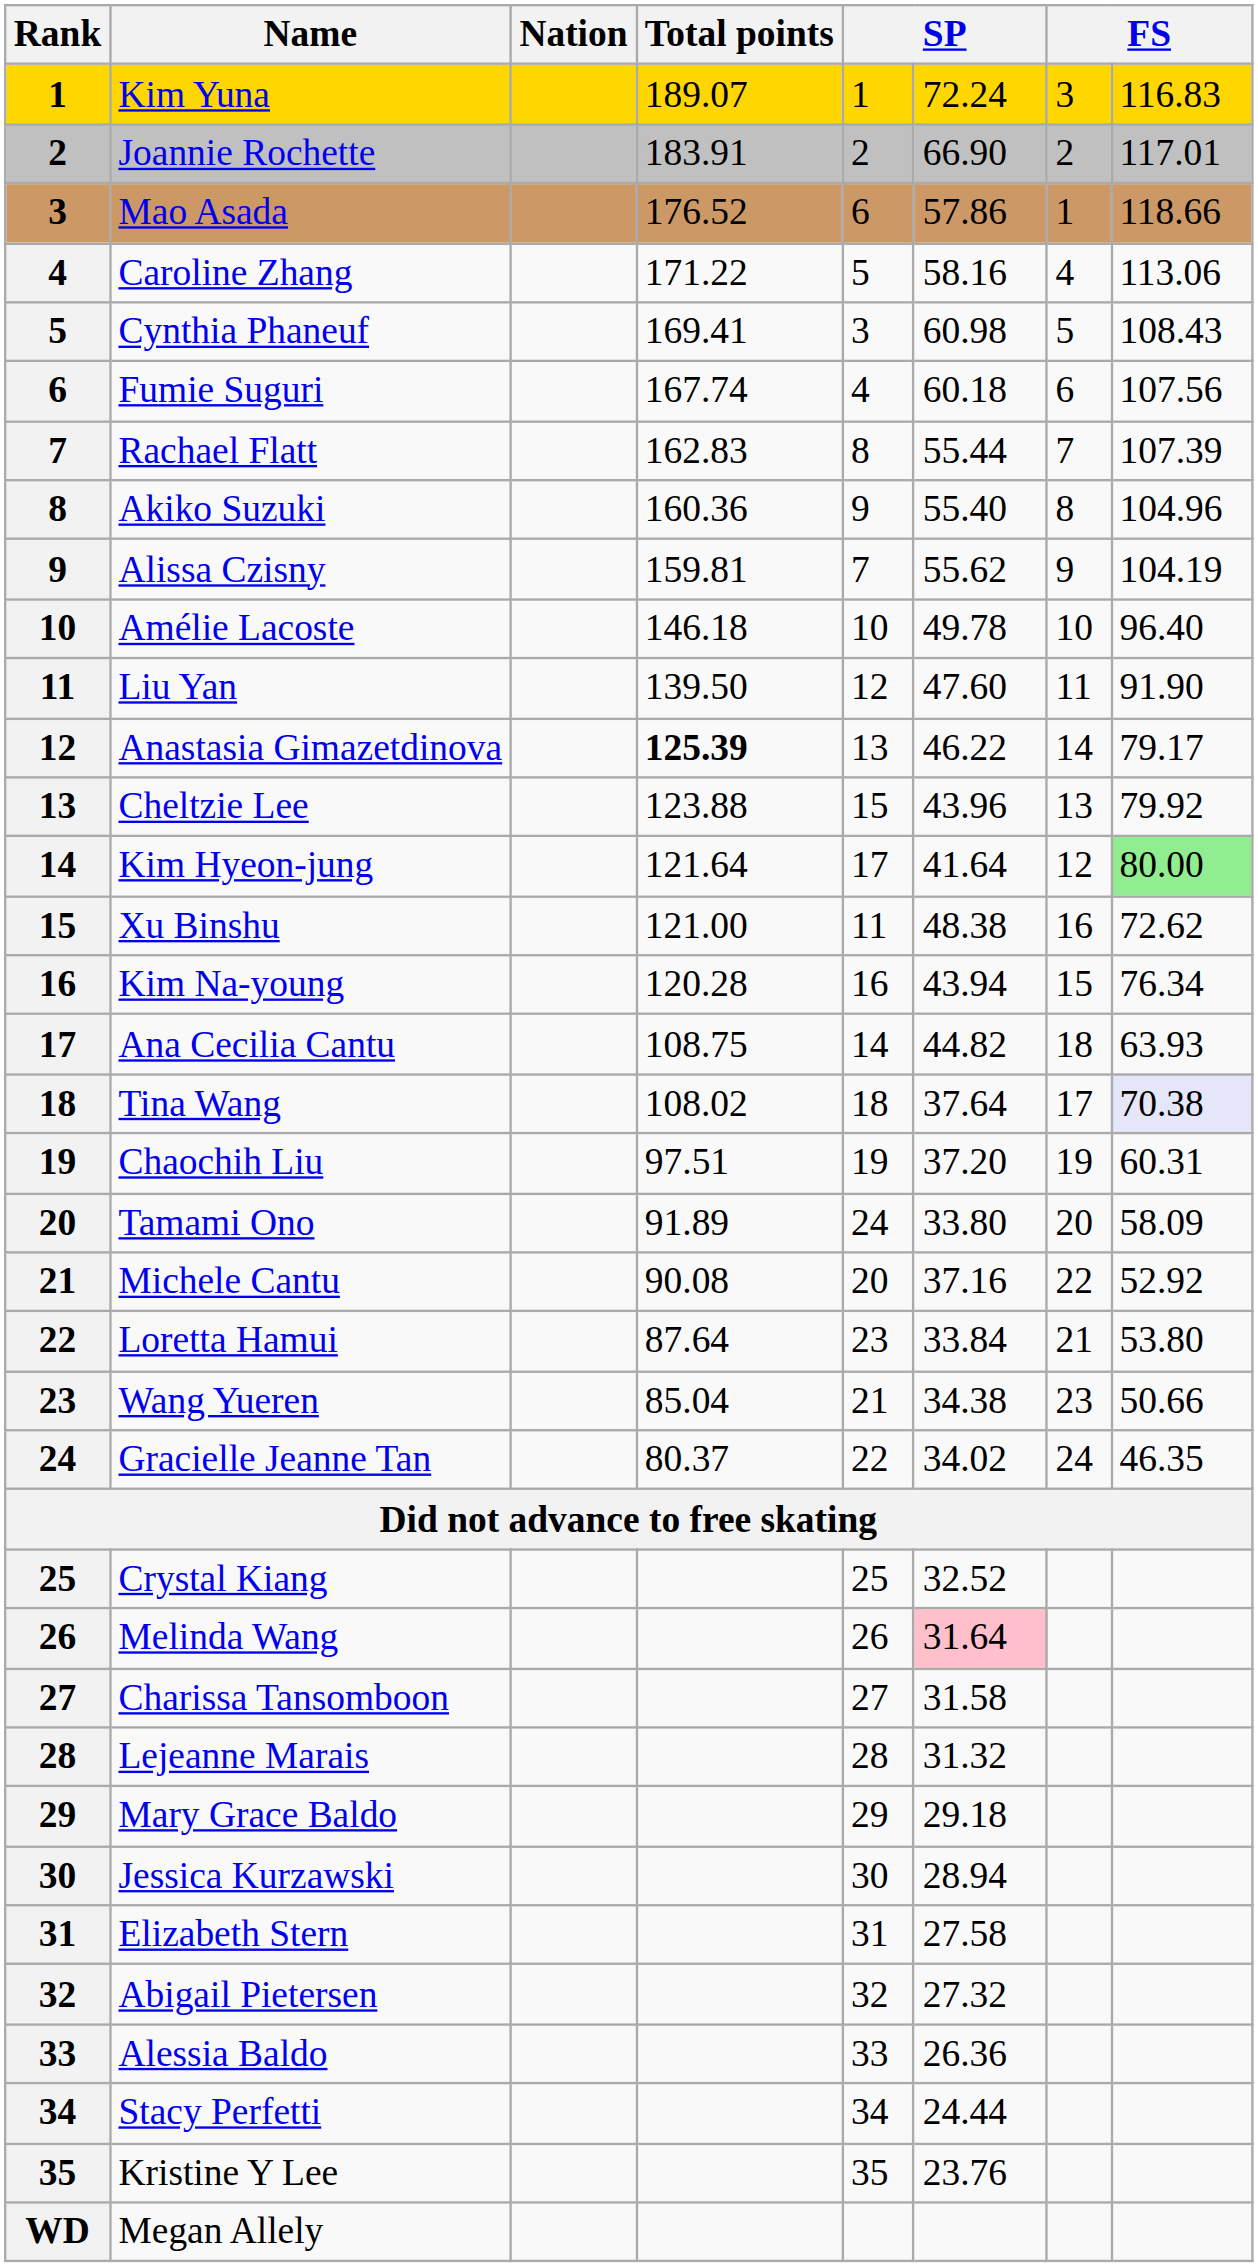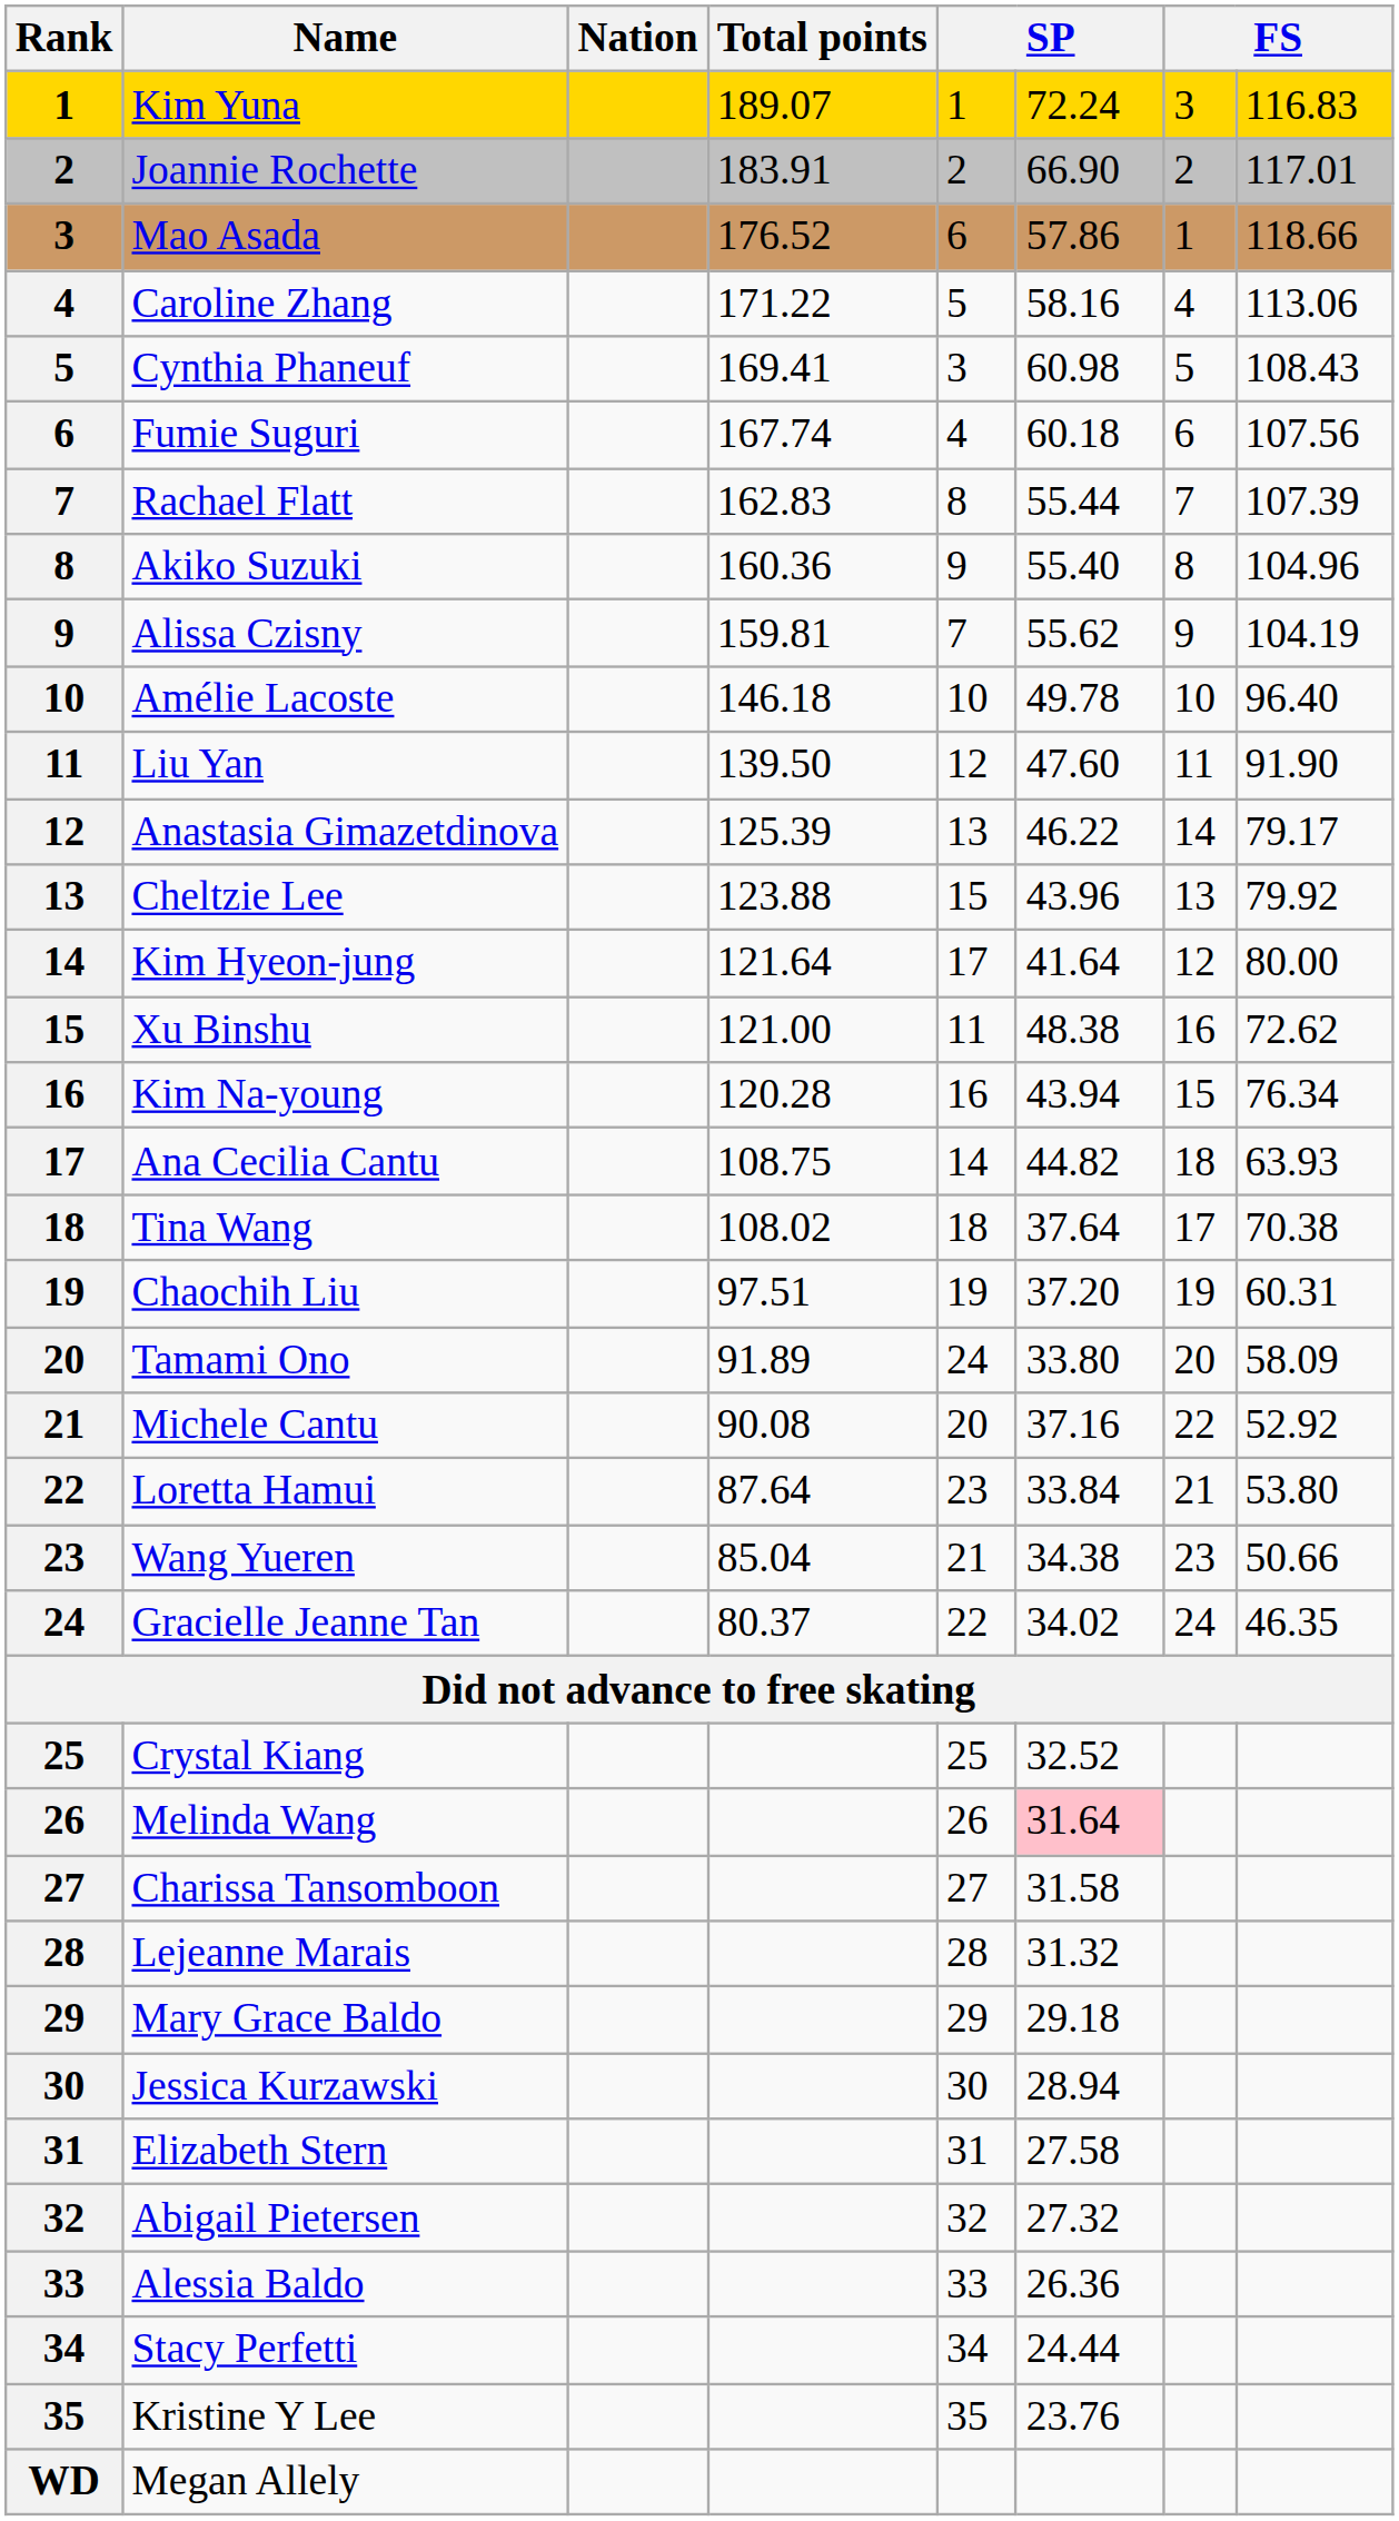 <table class="wikitable">
 <tr>
 <th>Rank</th>
 <th>Name</th>
 <th>Nation</th>
 <th>Total points</th>
 <th colspan="2" width="80px"><a href='#'>SP</a></th>
 <th colspan="2" width="80px"><a href='#'>FS</a></th>
 </tr>
 <tr bgcolor="gold">
 <td align="center"><strong>1</strong></td>
 <td><a href='#'>Kim Yuna</a></td>
 <td></td>
 <td>189.07</td>
 <td>1</td>
 <td>72.24</td>
 <td>3</td>
 <td>116.83</td>
 </tr>
 <tr bgcolor="silver">
 <td align="center"><strong>2</strong></td>
 <td><a href='#'>Joannie Rochette</a></td>
 <td></td>
 <td>183.91</td>
 <td>2</td>
 <td>66.90</td>
 <td>2</td>
 <td>117.01</td>
 </tr>
 <tr bgcolor="cc9966">
 <td align="center"><strong>3</strong></td>
 <td><a href='#'>Mao Asada</a></td>
 <td></td>
 <td>176.52</td>
 <td>6</td>
 <td>57.86</td>
 <td>1</td>
 <td>118.66</td>
 </tr>
 <tr>
 <th>4</th>
 <td><a href='#'>Caroline Zhang</a></td>
 <td></td>
 <td>171.22</td>
 <td>5</td>
 <td>58.16</td>
 <td>4</td>
 <td>113.06</td>
 </tr>
 <tr>
 <th>5</th>
 <td><a href='#'>Cynthia Phaneuf</a></td>
 <td></td>
 <td>169.41</td>
 <td>3</td>
 <td>60.98</td>
 <td>5</td>
 <td>108.43</td>
 </tr>
 <tr>
 <th>6</th>
 <td><a href='#'>Fumie Suguri</a></td>
 <td></td>
 <td>167.74</td>
 <td>4</td>
 <td>60.18</td>
 <td>6</td>
 <td>107.56</td>
 </tr>
 <tr>
 <th>7</th>
 <td><a href='#'>Rachael Flatt</a></td>
 <td></td>
 <td>162.83</td>
 <td>8</td>
 <td>55.44</td>
 <td>7</td>
 <td>107.39</td>
 </tr>
 <tr>
 <th>8</th>
 <td><a href='#'>Akiko Suzuki</a></td>
 <td></td>
 <td>160.36</td>
 <td>9</td>
 <td>55.40</td>
 <td>8</td>
 <td>104.96</td>
 </tr>
 <tr>
 <th>9</th>
 <td><a href='#'>Alissa Czisny</a></td>
 <td></td>
 <td>159.81</td>
 <td>7</td>
 <td>55.62</td>
 <td>9</td>
 <td>104.19</td>
 </tr>
 <tr>
 <th>10</th>
 <td><a href='#'>Amélie Lacoste</a></td>
 <td></td>
 <td>146.18</td>
 <td>10</td>
 <td>49.78</td>
 <td>10</td>
 <td>96.40</td>
 </tr>
 <tr>
 <th>11</th>
 <td><a href='#'>Liu Yan</a></td>
 <td></td>
 <td>139.50</td>
 <td>12</td>
 <td>47.60</td>
 <td>11</td>
 <td>91.90</td>
 </tr>
 <tr>
 <th>12</th>
 <td><a href='#'>Anastasia Gimazetdinova</a></td>
 <td></td>
-<td><strong>125.39</strong></td>
+<td>125.39</td>
 <td>13</td>
 <td>46.22</td>
 <td>14</td>
 <td>79.17</td>
 </tr>
 <tr>
 <th>13</th>
 <td><a href='#'>Cheltzie Lee</a></td>
 <td></td>
 <td>123.88</td>
 <td>15</td>
 <td>43.96</td>
 <td>13</td>
 <td>79.92</td>
 </tr>
 <tr>
 <th>14</th>
 <td><a href='#'>Kim Hyeon-jung</a></td>
 <td></td>
 <td>121.64</td>
 <td>17</td>
 <td>41.64</td>
 <td>12</td>
-<td style="background: lightgreen;">80.00</td>
+<td>80.00</td>
 </tr>
 <tr>
 <th>15</th>
 <td><a href='#'>Xu Binshu</a></td>
 <td></td>
 <td>121.00</td>
 <td>11</td>
 <td>48.38</td>
 <td>16</td>
 <td>72.62</td>
 </tr>
 <tr>
 <th>16</th>
 <td><a href='#'>Kim Na-young</a></td>
 <td></td>
 <td>120.28</td>
 <td>16</td>
 <td>43.94</td>
 <td>15</td>
 <td>76.34</td>
 </tr>
 <tr>
 <th>17</th>
 <td><a href='#'>Ana Cecilia Cantu</a></td>
 <td></td>
 <td>108.75</td>
 <td>14</td>
 <td>44.82</td>
 <td>18</td>
 <td>63.93</td>
 </tr>
 <tr>
 <th>18</th>
 <td><a href='#'>Tina Wang</a></td>
 <td></td>
 <td>108.02</td>
 <td>18</td>
 <td>37.64</td>
 <td>17</td>
-<td style="background: lavender;">70.38</td>
+<td>70.38</td>
 </tr>
 <tr>
 <th>19</th>
 <td><a href='#'>Chaochih Liu</a></td>
 <td></td>
 <td>97.51</td>
 <td>19</td>
 <td>37.20</td>
 <td>19</td>
 <td>60.31</td>
 </tr>
 <tr>
 <th>20</th>
 <td><a href='#'>Tamami Ono</a></td>
 <td></td>
 <td>91.89</td>
 <td>24</td>
 <td>33.80</td>
 <td>20</td>
 <td>58.09</td>
 </tr>
 <tr>
 <th>21</th>
 <td><a href='#'>Michele Cantu</a></td>
 <td></td>
 <td>90.08</td>
 <td>20</td>
 <td>37.16</td>
 <td>22</td>
 <td>52.92</td>
 </tr>
 <tr>
 <th>22</th>
 <td><a href='#'>Loretta Hamui</a></td>
 <td></td>
 <td>87.64</td>
 <td>23</td>
 <td>33.84</td>
 <td>21</td>
 <td>53.80</td>
 </tr>
 <tr>
 <th>23</th>
 <td><a href='#'>Wang Yueren</a></td>
 <td></td>
 <td>85.04</td>
 <td>21</td>
 <td>34.38</td>
 <td>23</td>
 <td>50.66</td>
 </tr>
 <tr>
 <th>24</th>
 <td><a href='#'>Gracielle Jeanne Tan</a></td>
 <td></td>
 <td>80.37</td>
 <td>22</td>
 <td>34.02</td>
 <td>24</td>
 <td>46.35</td>
 </tr>
 <tr>
 <th colspan=8>Did not advance to free skating</th>
 </tr>
 <tr>
 <th>25</th>
 <td><a href='#'>Crystal Kiang</a></td>
 <td></td>
 <td></td>
 <td>25</td>
 <td>32.52</td>
 <td></td>
 <td></td>
 </tr>
 <tr>
 <th>26</th>
 <td><a href='#'>Melinda Wang</a></td>
 <td></td>
 <td></td>
 <td>26</td>
 <td style="background: pink;">31.64</td>
 <td></td>
 <td></td>
 </tr>
 <tr>
 <th>27</th>
 <td><a href='#'>Charissa Tansomboon</a></td>
 <td></td>
 <td></td>
 <td>27</td>
 <td>31.58</td>
 <td></td>
 <td></td>
 </tr>
 <tr>
 <th>28</th>
 <td><a href='#'>Lejeanne Marais</a></td>
 <td></td>
 <td></td>
 <td>28</td>
 <td>31.32</td>
 <td></td>
 <td></td>
 </tr>
 <tr>
 <th>29</th>
 <td><a href='#'>Mary Grace Baldo</a></td>
 <td></td>
 <td></td>
 <td>29</td>
 <td>29.18</td>
 <td></td>
 <td></td>
 </tr>
 <tr>
 <th>30</th>
 <td><a href='#'>Jessica Kurzawski</a></td>
 <td></td>
 <td></td>
 <td>30</td>
 <td>28.94</td>
 <td></td>
 <td></td>
 </tr>
 <tr>
 <th>31</th>
 <td><a href='#'>Elizabeth Stern</a></td>
 <td></td>
 <td></td>
 <td>31</td>
 <td>27.58</td>
 <td></td>
 <td></td>
 </tr>
 <tr>
 <th>32</th>
 <td><a href='#'>Abigail Pietersen</a></td>
 <td></td>
 <td></td>
 <td>32</td>
 <td>27.32</td>
 <td></td>
 <td></td>
 </tr>
 <tr>
 <th>33</th>
 <td><a href='#'>Alessia Baldo</a></td>
 <td></td>
 <td></td>
 <td>33</td>
 <td>26.36</td>
 <td></td>
 <td></td>
 </tr>
 <tr>
 <th>34</th>
 <td><a href='#'>Stacy Perfetti</a></td>
 <td></td>
 <td></td>
 <td>34</td>
 <td>24.44</td>
 <td></td>
 <td></td>
 </tr>
 <tr>
 <th>35</th>
 <td>Kristine Y Lee</td>
 <td></td>
 <td></td>
 <td>35</td>
 <td>23.76</td>
 <td></td>
 <td></td>
 </tr>
 <tr>
 <th>WD</th>
 <td>Megan Allely</td>
 <td></td>
 <td></td>
 <td></td>
 <td></td>
 <td></td>
 <td></td>
 </tr>
 </table>
